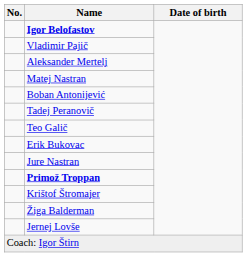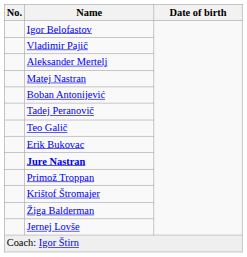 <table class=wikitable sortable style=font-size:100%; text-align:center;>
 <tr>
 <th>No.</th>
 <th style=width:12em>Name</th>
 <th style=width:8em>Date of birth</th>
 </tr>
 <tr>
 <td></td>
-<td align=left><strong><a href='#'>Igor Belofastov</a></strong></td>
+<td align=left><a href='#'>Igor Belofastov</a></td>
 </tr>
 <tr>
 <td></td>
 <td align=left><a href='#'>Vladimir Pajič</a></td>
 </tr>
 <tr>
 <td></td>
 <td align=left><a href='#'>Aleksander Mertelj</a></td>
 </tr>
 <tr>
 <td></td>
 <td align=left><a href='#'>Matej Nastran</a></td>
 </tr>
 <tr>
 <td></td>
 <td align=left><a href='#'>Boban Antonijević</a></td>
 </tr>
 <tr>
 <td></td>
 <td align=left><a href='#'>Tadej Peranovič</a></td>
 </tr>
 <tr>
 <td></td>
 <td align=left><a href='#'>Teo Galič</a></td>
 </tr>
 <tr>
 <td></td>
 <td align=left><a href='#'>Erik Bukovac</a></td>
 </tr>
 <tr>
 <td></td>
-<td align=left><a href='#'>Jure Nastran</a></td>
+<td align=left><strong><a href='#'>Jure Nastran</a></strong></td>
 </tr>
 <tr>
 <td></td>
-<td align=left><strong><a href='#'>Primož Troppan</a></strong></td>
+<td align=left><a href='#'>Primož Troppan</a></td>
 </tr>
 <tr>
 <td></td>
 <td align=left><a href='#'>Krištof Štromajer</a></td>
 </tr>
 <tr>
 <td></td>
 <td align=left><a href='#'>Žiga Balderman</a></td>
 </tr>
 <tr>
 <td></td>
 <td align=left><a href='#'>Jernej Lovše</a></td>
 </tr>
 <tr style=background:#efefef;>
 <td colspan=3 style=text-align:left;>Coach: <a href='#'>Igor Štirn</a></td>
 </tr>
 </table>
